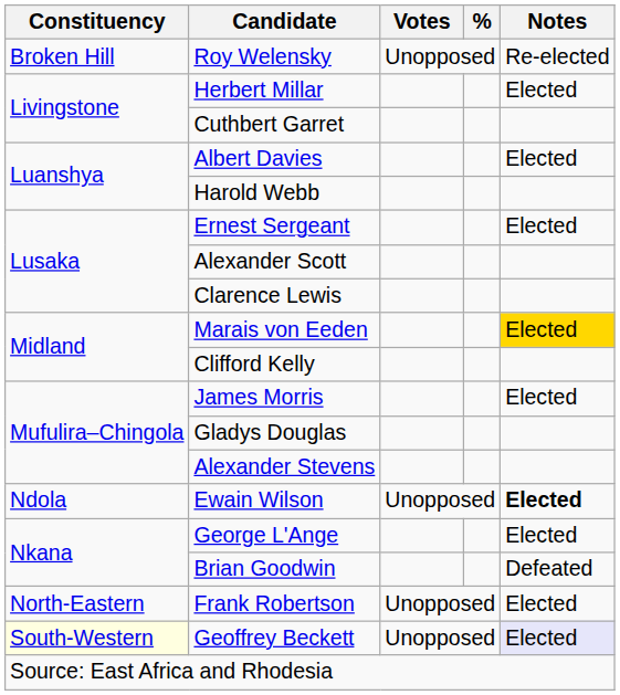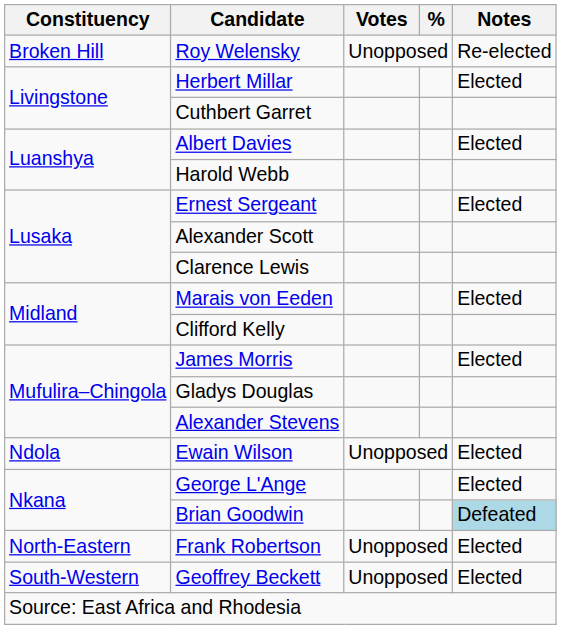 <table class=wikitable>
 <tr>
 <th>Constituency</th>
 <th>Candidate</th>
 <th>Votes</th>
 <th>%</th>
 <th>Notes</th>
 </tr>
 <tr>
 <td><a href='#'>Broken Hill</a></td>
 <td><a href='#'>Roy Welensky</a></td>
 <td colspan=2 align=center>Unopposed</td>
 <td>Re-elected</td>
 </tr>
 <tr>
 <td rowspan=2><a href='#'>Livingstone</a></td>
 <td><a href='#'>Herbert Millar</a></td>
 <td></td>
 <td></td>
 <td>Elected</td>
 </tr>
 <tr>
 <td>Cuthbert Garret</td>
 <td></td>
 <td></td>
 <td></td>
 </tr>
 <tr>
 <td rowspan=2><a href='#'>Luanshya</a></td>
 <td><a href='#'>Albert Davies</a></td>
 <td></td>
 <td></td>
 <td>Elected</td>
 </tr>
 <tr>
 <td>Harold Webb</td>
 <td></td>
 <td></td>
 <td></td>
 </tr>
 <tr>
 <td rowspan=3><a href='#'>Lusaka</a></td>
 <td><a href='#'>Ernest Sergeant</a></td>
 <td></td>
 <td></td>
 <td>Elected</td>
 </tr>
 <tr>
 <td>Alexander Scott</td>
 <td></td>
 <td></td>
 <td></td>
 </tr>
 <tr>
 <td>Clarence Lewis</td>
 <td></td>
 <td></td>
 <td></td>
 </tr>
 <tr>
 <td rowspan=2><a href='#'>Midland</a></td>
 <td><a href='#'>Marais von Eeden</a></td>
 <td></td>
 <td></td>
-<td style="background: gold;">Elected</td>
+<td>Elected</td>
 </tr>
 <tr>
 <td>Clifford Kelly</td>
 <td></td>
 <td></td>
 <td></td>
 </tr>
 <tr>
 <td rowspan=3><a href='#'>Mufulira–Chingola</a></td>
 <td><a href='#'>James Morris</a></td>
 <td></td>
 <td></td>
 <td>Elected</td>
 </tr>
 <tr>
 <td>Gladys Douglas</td>
 <td></td>
 <td></td>
 <td></td>
 </tr>
 <tr>
 <td><a href='#'>Alexander Stevens</a></td>
 <td></td>
 <td></td>
 <td></td>
 </tr>
 <tr>
 <td><a href='#'>Ndola</a></td>
 <td><a href='#'>Ewain Wilson</a></td>
 <td colspan=2 align=center>Unopposed</td>
-<td><strong>Elected</strong></td>
+<td>Elected</td>
 </tr>
 <tr>
 <td rowspan=2><a href='#'>Nkana</a></td>
 <td><a href='#'>George L'Ange</a></td>
 <td></td>
 <td></td>
 <td>Elected</td>
 </tr>
 <tr>
 <td><a href='#'>Brian Goodwin</a></td>
 <td></td>
 <td></td>
-<td>Defeated</td>
+<td style="background: lightblue;">Defeated</td>
 </tr>
 <tr>
 <td><a href='#'>North-Eastern</a></td>
 <td><a href='#'>Frank Robertson</a></td>
 <td colspan=2 align=center>Unopposed</td>
 <td>Elected</td>
 </tr>
 <tr>
-<td style="background: lightyellow;"><a href='#'>South-Western</a></td>
+<td><a href='#'>South-Western</a></td>
 <td><a href='#'>Geoffrey Beckett</a></td>
 <td colspan=2 align=center>Unopposed</td>
-<td style="background: lavender;">Elected</td>
+<td>Elected</td>
 </tr>
 <tr>
 <td colspan=5>Source: East Africa and Rhodesia</td>
 </tr>
 </table>
